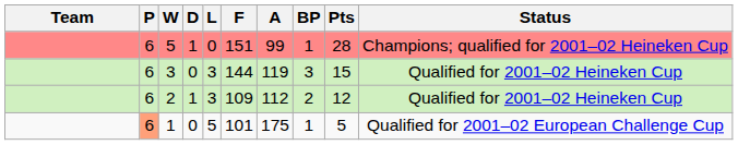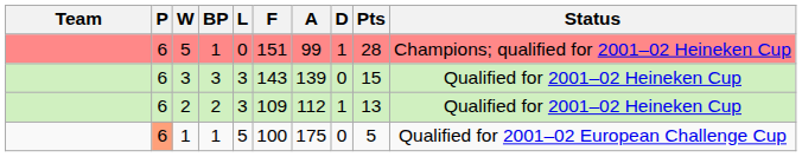 <table class="wikitable" style="text-align:center;">
 <tr>
 <th width="120px">Team</th>
 <th>P</th>
 <th>W</th>
-<th>D</th>
+<th>BP</th>
 <th>L</th>
 <th width="23px">F</th>
 <th width="23px">A</th>
-<th>BP</th>
+<th>D</th>
 <th width="23px">Pts</th>
 <th>Status</th>
 </tr>
 <tr bgcolor="#FF8888">
 <td></td>
 <td>6</td>
 <td>5</td>
 <td>1</td>
 <td>0</td>
 <td>151</td>
 <td>99</td>
 <td>1</td>
 <td>28</td>
 <td>Champions; qualified for <a href='#'>2001–02 Heineken Cup</a></td>
 </tr>
 <tr bgcolor="#D0F0C0">
 <td></td>
 <td>6</td>
 <td>3</td>
+<td>3</td>
+<td>3</td>
+<td>143</td>
+<td>139</td>
 <td>0</td>
-<td>3</td>
-<td>144</td>
-<td>119</td>
-<td>3</td>
 <td>15</td>
 <td>Qualified for <a href='#'>2001–02 Heineken Cup</a></td>
 </tr>
 <tr bgcolor="#D0F0C0">
 <td></td>
 <td>6</td>
 <td>2</td>
-<td>1</td>
+<td>2</td>
 <td>3</td>
 <td>109</td>
 <td>112</td>
-<td>2</td>
-<td>12</td>
+<td>1</td>
+<td>13</td>
 <td>Qualified for <a href='#'>2001–02 Heineken Cup</a></td>
 </tr>
 <tr>
 <td></td>
 <td style="background: lightsalmon;">6</td>
 <td>1</td>
+<td>1</td>
+<td>5</td>
+<td>100</td>
+<td>175</td>
 <td>0</td>
-<td>5</td>
-<td>101</td>
-<td>175</td>
-<td>1</td>
 <td>5</td>
 <td>Qualified for <a href='#'>2001–02 European Challenge Cup</a></td>
 </tr>
 </table>
